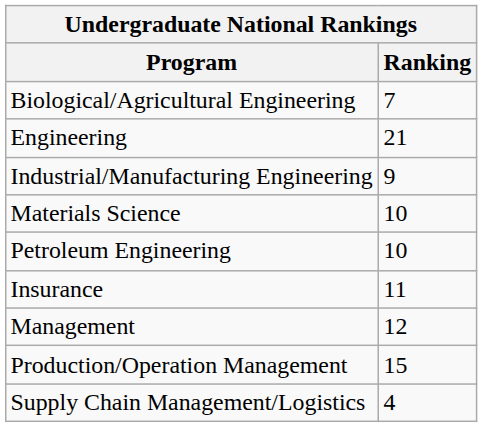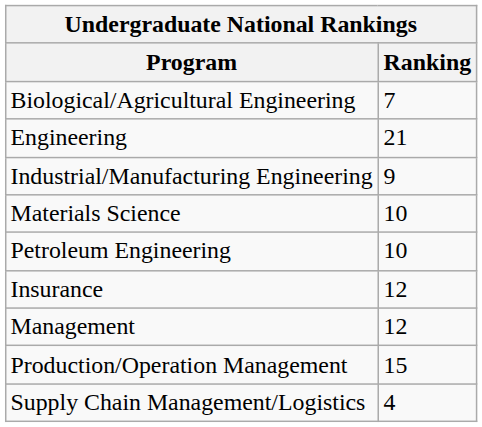 <table class="wikitable sortable collapsible collapsed" style="float:right;clear:right;" "text-align:center">
 <tr>
 <th colspan=4>Undergraduate National Rankings</th>
 </tr>
 <tr>
 <th>Program</th>
 <th>Ranking</th>
 </tr>
 <tr>
 <td>Biological/Agricultural Engineering</td>
 <td>7</td>
 </tr>
 <tr>
 <td>Engineering</td>
 <td>21</td>
 </tr>
 <tr>
 <td>Industrial/Manufacturing Engineering</td>
 <td>9</td>
 </tr>
 <tr>
 <td>Materials Science</td>
 <td>10</td>
 </tr>
 <tr>
 <td>Petroleum Engineering</td>
 <td>10</td>
 </tr>
 <tr>
 <td>Insurance</td>
-<td>11</td>
+<td>12</td>
 </tr>
 <tr>
 <td>Management</td>
 <td>12</td>
 </tr>
 <tr>
 <td>Production/Operation Management</td>
 <td>15</td>
 </tr>
 <tr>
 <td>Supply Chain Management/Logistics</td>
 <td>4</td>
 </tr>
 </table>
